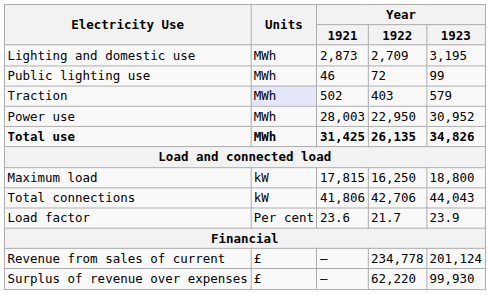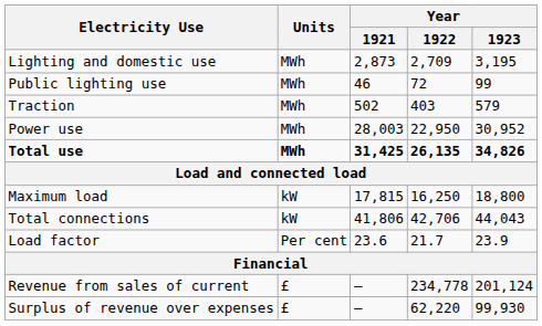 <table class="wikitable">
 <tr>
 <th rowspan="2">Electricity Use</th>
 <th rowspan="2">Units</th>
 <th colspan="3">Year</th>
 </tr>
 <tr>
 <th>1921</th>
 <th>1922</th>
 <th>1923</th>
 </tr>
 <tr>
 <td>Lighting and domestic use</td>
 <td>MWh</td>
 <td>2,873</td>
 <td>2,709</td>
 <td>3,195</td>
 </tr>
 <tr>
 <td>Public lighting use</td>
 <td>MWh</td>
 <td>46</td>
 <td>72</td>
 <td>99</td>
 </tr>
 <tr>
 <td>Traction</td>
-<td style="background: lavender;">MWh</td>
+<td>MWh</td>
 <td>502</td>
 <td>403</td>
 <td>579</td>
 </tr>
 <tr>
 <td>Power use</td>
 <td>MWh</td>
 <td>28,003</td>
 <td>22,950</td>
 <td>30,952</td>
 </tr>
 <tr>
 <td><strong>Total use</strong></td>
 <td><strong>MWh</strong></td>
 <td><strong>31,425</strong></td>
 <td><strong>26,135</strong></td>
 <td><strong>34,826</strong></td>
 </tr>
 <tr>
 <th colspan="5">Load and connected load</th>
 </tr>
 <tr>
 <td>Maximum load</td>
 <td>kW</td>
 <td>17,815</td>
 <td>16,250</td>
 <td>18,800</td>
 </tr>
 <tr>
 <td>Total connections</td>
 <td>kW</td>
 <td>41,806</td>
 <td>42,706</td>
 <td>44,043</td>
 </tr>
 <tr>
 <td>Load factor</td>
 <td>Per cent</td>
 <td>23.6</td>
 <td>21.7</td>
 <td>23.9</td>
 </tr>
 <tr>
 <th colspan="5">Financial</th>
 </tr>
 <tr>
 <td>Revenue from sales of current</td>
 <td>£</td>
 <td>–</td>
 <td>234,778</td>
 <td>201,124</td>
 </tr>
 <tr>
 <td>Surplus of revenue over expenses</td>
 <td>£</td>
 <td>–</td>
 <td>62,220</td>
 <td>99,930</td>
 </tr>
 </table>
